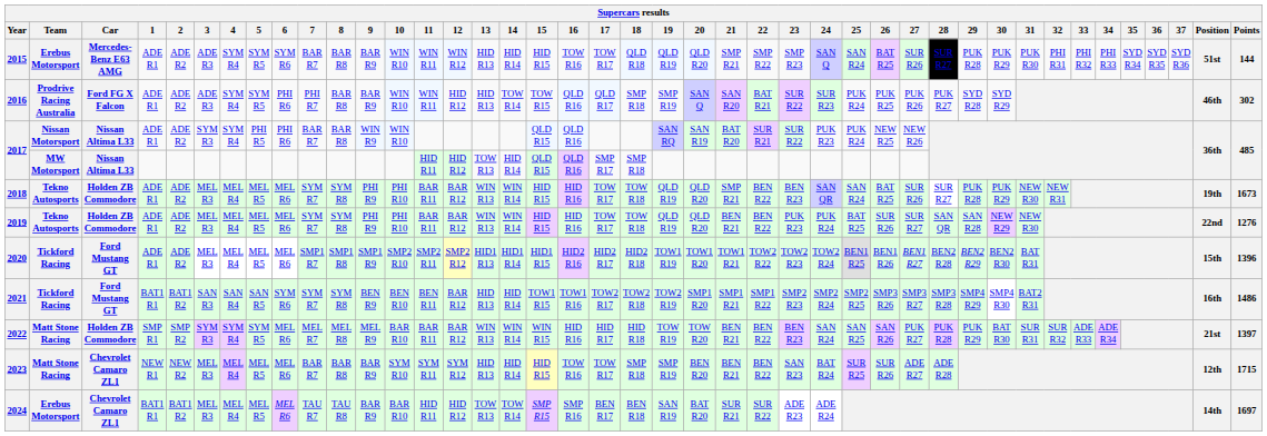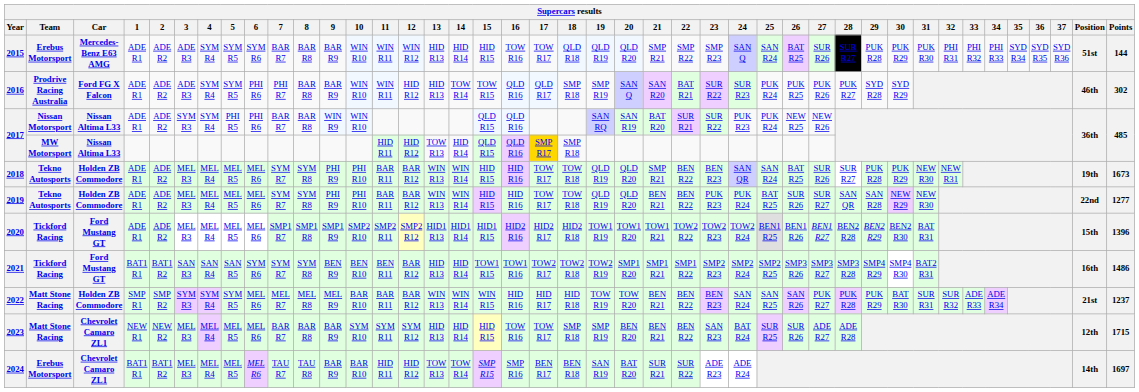 <table class="wikitable" style="text-align:center; font-size:75%">
 <tr>
 <th colspan=45><a href='#'>Supercars</a> results</th>
 </tr>
 <tr>
 <th>Year</th>
 <th>Team</th>
 <th>Car</th>
 <th>1</th>
 <th>2</th>
 <th>3</th>
 <th>4</th>
 <th>5</th>
 <th>6</th>
 <th>7</th>
 <th>8</th>
 <th>9</th>
 <th>10</th>
 <th>11</th>
 <th>12</th>
 <th>13</th>
 <th>14</th>
 <th>15</th>
 <th>16</th>
 <th>17</th>
 <th>18</th>
 <th>19</th>
 <th>20</th>
 <th>21</th>
 <th>22</th>
 <th>23</th>
 <th>24</th>
 <th>25</th>
 <th>26</th>
 <th>27</th>
 <th>28</th>
 <th>29</th>
 <th>30</th>
 <th>31</th>
 <th>32</th>
 <th>33</th>
 <th>34</th>
 <th>35</th>
 <th>36</th>
 <th>37</th>
 <th>Position</th>
 <th>Points</th>
 </tr>
 <tr>
 <th><a href='#'>2015</a></th>
 <th><a href='#'>Erebus Motorsport</a></th>
 <th><a href='#'>Mercedes-Benz E63 AMG</a></th>
 <td><a href='#'>ADE<br>R1</a></td>
 <td><a href='#'>ADE<br>R2</a></td>
 <td><a href='#'>ADE<br>R3</a></td>
 <td><a href='#'>SYM<br>R4</a></td>
 <td><a href='#'>SYM<br>R5</a></td>
 <td><a href='#'>SYM<br>R6</a></td>
 <td><a href='#'>BAR<br>R7</a></td>
 <td><a href='#'>BAR<br>R8</a></td>
 <td><a href='#'>BAR<br>R9</a></td>
 <td style="background: #f1f8ff"><a href='#'>WIN<br>R10</a><br></td>
 <td style="background: #f1f8ff"><a href='#'>WIN<br>R11</a><br></td>
 <td style="background: #f1f8ff"><a href='#'>WIN<br>R12</a><br></td>
 <td><a href='#'>HID<br>R13</a></td>
 <td><a href='#'>HID<br>R14</a></td>
 <td><a href='#'>HID<br>R15</a></td>
 <td><a href='#'>TOW<br>R16</a></td>
 <td><a href='#'>TOW<br>R17</a></td>
 <td style="background: #f1f8ff"><a href='#'>QLD<br>R18</a><br></td>
 <td style="background: #f1f8ff"><a href='#'>QLD<br>R19</a><br></td>
 <td style="background: #f1f8ff"><a href='#'>QLD<br>R20</a><br></td>
 <td><a href='#'>SMP<br>R21</a></td>
 <td><a href='#'>SMP<br>R22</a></td>
 <td><a href='#'>SMP<br>R23</a></td>
 <td style="background: #cfcfff"><a href='#'>SAN<br>Q</a><br></td>
 <td style="background: #dfffdf"><a href='#'>SAN<br>R24</a><br></td>
 <td style="background: #efcfff"><a href='#'>BAT<br>R25</a><br></td>
 <td style="background: #dfffdf"><a href='#'>SUR<br>R26</a><br></td>
 <td style="background: #000000; color:white"><a href='#'><span>SUR<br>R27</span></a><br></td>
 <td><a href='#'>PUK<br>R28</a></td>
 <td><a href='#'>PUK<br>R29</a></td>
 <td><a href='#'>PUK<br>R30</a></td>
 <td><a href='#'>PHI<br>R31</a></td>
 <td><a href='#'>PHI<br>R32</a></td>
 <td><a href='#'>PHI<br>R33</a></td>
 <td><a href='#'>SYD<br>R34</a></td>
 <td><a href='#'>SYD<br>R35</a></td>
 <td><a href='#'>SYD<br>R36</a></td>
 <th>51st</th>
 <th>144</th>
 </tr>
 <tr>
 <th><a href='#'>2016</a></th>
 <th><a href='#'>Prodrive Racing Australia</a></th>
 <th><a href='#'>Ford FG X Falcon</a></th>
 <td><a href='#'>ADE<br>R1</a></td>
 <td><a href='#'>ADE<br>R2</a></td>
 <td><a href='#'>ADE<br>R3</a></td>
 <td><a href='#'>SYM<br>R4</a></td>
 <td><a href='#'>SYM<br>R5</a></td>
 <td><a href='#'>PHI<br>R6</a></td>
 <td><a href='#'>PHI<br>R7</a></td>
 <td><a href='#'>BAR<br>R8</a></td>
 <td><a href='#'>BAR<br>R9</a></td>
 <td style="background: #f1f8ff"><a href='#'>WIN<br>R10</a><br></td>
 <td style="background: #f1f8ff"><a href='#'>WIN<br>R11</a><br></td>
 <td><a href='#'>HID<br>R12</a></td>
 <td><a href='#'>HID<br>R13</a></td>
 <td><a href='#'>TOW<br>R14</a></td>
 <td><a href='#'>TOW<br>R15</a></td>
 <td style="background: #f1f8ff"><a href='#'>QLD<br>R16</a><br></td>
 <td style="background: #f1f8ff"><a href='#'>QLD<br>R17</a><br></td>
 <td><a href='#'>SMP<br>R18</a></td>
 <td><a href='#'>SMP<br>R19</a></td>
 <td style="background: #cfcfff"><a href='#'>SAN<br>Q</a><br></td>
 <td style="background: #efcfff"><a href='#'>SAN<br>R20</a><br></td>
 <td style="background: #dfffdf"><a href='#'>BAT<br>R21</a><br></td>
 <td style="background: #efcfff"><a href='#'>SUR<br>R22</a><br></td>
 <td style="background: #dfffdf"><a href='#'>SUR<br>R23</a><br></td>
 <td><a href='#'>PUK<br>R24</a></td>
 <td><a href='#'>PUK<br>R25</a></td>
 <td><a href='#'>PUK<br>R26</a></td>
 <td><a href='#'>PUK<br>R27</a></td>
 <td><a href='#'>SYD<br>R28</a></td>
 <td><a href='#'>SYD<br>R29</a></td>
 <th colspan=7></th>
 <th>46th</th>
 <th>302</th>
 </tr>
 <tr>
 <th rowspan=2><a href='#'>2017</a></th>
 <th><a href='#'>Nissan Motorsport</a></th>
 <th><a href='#'>Nissan Altima L33</a></th>
 <td><a href='#'>ADE<br>R1</a></td>
 <td><a href='#'>ADE<br>R2</a></td>
 <td><a href='#'>SYM<br>R3</a></td>
 <td><a href='#'>SYM<br>R4</a></td>
 <td><a href='#'>PHI<br>R5</a></td>
 <td><a href='#'>PHI<br>R6</a></td>
 <td><a href='#'>BAR<br>R7</a></td>
 <td><a href='#'>BAR<br>R8</a></td>
 <td style="background: #f1f8ff"><a href='#'>WIN<br>R9</a><br></td>
 <td style="background: #f1f8ff"><a href='#'>WIN<br>R10</a><br></td>
 <td></td>
 <td></td>
 <td></td>
 <td></td>
 <td style="background: #f1f8ff"><a href='#'>QLD<br>R15</a><br></td>
 <td style="background: #f1f8ff"><a href='#'>QLD<br>R16</a><br></td>
 <td></td>
 <td></td>
 <td style="background: #cfcfff"><a href='#'>SAN<br>RQ</a><br></td>
 <td style="background: #dfffdf"><a href='#'>SAN<br>R19</a><br></td>
 <td style="background: #dfffdf"><a href='#'>BAT<br>R20</a><br></td>
 <td style="background: #efcfff"><a href='#'>SUR<br>R21</a><br></td>
 <td style="background: #dfffdf"><a href='#'>SUR<br>R22</a><br></td>
 <td><a href='#'>PUK<br>R23</a></td>
 <td><a href='#'>PUK<br>R24</a></td>
 <td><a href='#'>NEW<br>R25</a></td>
 <td><a href='#'>NEW<br>R26</a></td>
 <th rowspan=2 colspan=10></th>
 <th rowspan=2>36th</th>
 <th rowspan=2>485</th>
 </tr>
 <tr>
 <th><a href='#'>MW Motorsport</a></th>
 <th><a href='#'>Nissan Altima L33</a></th>
 <td></td>
 <td></td>
 <td></td>
 <td></td>
 <td></td>
 <td></td>
 <td></td>
 <td></td>
 <td></td>
 <td></td>
 <td style="background: #dfffdf"><a href='#'>HID<br>R11</a><br></td>
 <td style="background: #dfffdf"><a href='#'>HID<br>R12</a><br></td>
 <td><a href='#'>TOW<br>R13</a></td>
 <td><a href='#'>HID<br>R14</a></td>
 <td style="background: #dfffdf"><a href='#'>QLD<br>R15</a><br></td>
 <td style="background: #efcfff"><a href='#'>QLD<br>R16</a><br></td>
-<td><a href='#'>SMP<br>R17</a></td>
+<td style="background: gold;"><a href='#'>SMP<br>R17</a></td>
 <td><a href='#'>SMP<br>R18</a></td>
 <td></td>
 <td></td>
 <td></td>
 <td></td>
 <td></td>
 <td></td>
 <td></td>
 <td></td>
 <td></td>
 </tr>
 <tr>
 <th><a href='#'>2018</a></th>
 <th><a href='#'>Tekno Autosports</a></th>
 <th><a href='#'>Holden ZB Commodore</a></th>
 <td style="background: #dfffdf"><a href='#'>ADE<br>R1</a><br></td>
 <td style="background: #dfffdf"><a href='#'>ADE<br>R2</a><br></td>
 <td style="background: #dfffdf"><a href='#'>MEL<br>R3</a><br></td>
 <td style="background: #dfffdf"><a href='#'>MEL<br>R4</a><br></td>
 <td style="background: #dfffdf"><a href='#'>MEL<br>R5</a><br></td>
 <td style="background: #dfffdf"><a href='#'>MEL<br>R6</a><br></td>
 <td style="background: #dfffdf"><a href='#'>SYM<br>R7</a><br></td>
 <td style="background: #dfffdf"><a href='#'>SYM<br>R8</a><br></td>
 <td style="background: #dfffdf"><a href='#'>PHI<br>R9</a><br></td>
 <td style="background: #dfffdf"><a href='#'>PHI<br>R10</a><br></td>
 <td style="background: #dfffdf"><a href='#'>BAR<br>R11</a><br></td>
 <td style="background: #dfffdf"><a href='#'>BAR<br>R12</a><br></td>
 <td style="background: #dfffdf"><a href='#'>WIN<br>R13</a><br></td>
 <td style="background: #dfffdf"><a href='#'>WIN<br>R14</a><br></td>
 <td style="background: #dfffdf"><a href='#'>HID<br>R15</a><br></td>
 <td style="background: #efcfff"><a href='#'>HID<br>R16</a><br></td>
 <td style="background: #dfffdf"><a href='#'>TOW<br>R17</a><br></td>
 <td style="background: #dfffdf"><a href='#'>TOW<br>R18</a><br></td>
 <td style="background: #dfffdf"><a href='#'>QLD<br>R19</a><br></td>
 <td style="background: #dfffdf"><a href='#'>QLD<br>R20</a><br></td>
 <td style="background: #dfffdf"><a href='#'>SMP<br>R21</a><br></td>
 <td style="background: #dfffdf"><a href='#'>BEN<br>R22</a><br></td>
 <td style="background: #dfffdf"><a href='#'>BEN<br>R23</a><br></td>
 <td style="background: #cfcfff"><a href='#'>SAN<br>QR</a><br></td>
 <td style="background: #dfffdf"><a href='#'>SAN<br>R24</a><br></td>
 <td style="background: #dfffdf"><a href='#'>BAT<br>R25</a><br></td>
 <td style="background: #dfffdf"><a href='#'>SUR<br>R26</a><br></td>
 <td style="background: #ffffff"><a href='#'>SUR<br>R27</a><br></td>
 <td style="background: #dfffdf"><a href='#'>PUK<br>R28</a><br></td>
 <td style="background: #dfffdf"><a href='#'>PUK<br>R29</a><br></td>
 <td style="background: #dfffdf"><a href='#'>NEW<br>R30</a><br></td>
 <td style="background: #dfffdf"><a href='#'>NEW<br>R31</a><br></td>
 <th colspan=5></th>
 <th>19th</th>
 <th>1673</th>
 </tr>
 <tr>
 <th><a href='#'>2019</a></th>
 <th><a href='#'>Tekno Autosports</a></th>
 <th><a href='#'>Holden ZB Commodore</a></th>
 <td style="background:#dfffdf;"><a href='#'>ADE<br>R1</a><br></td>
 <td style="background:#dfffdf;"><a href='#'>ADE<br>R2</a><br></td>
 <td style="background: #dfffdf"><a href='#'>MEL<br>R3</a><br></td>
 <td style="background: #dfffdf"><a href='#'>MEL<br>R4</a><br></td>
 <td style="background: #dfffdf"><a href='#'>MEL<br>R5</a><br></td>
 <td style="background: #dfffdf"><a href='#'>MEL<br>R6</a><br></td>
 <td style="background: #dfffdf"><a href='#'>SYM<br>R7</a><br></td>
 <td style="background: #dfffdf"><a href='#'>SYM<br>R8</a><br></td>
 <td style="background: #dfffdf"><a href='#'>PHI<br>R9</a><br></td>
 <td style="background: #dfffdf"><a href='#'>PHI<br>R10</a><br></td>
 <td style="background: #dfffdf"><a href='#'>BAR<br>R11</a><br></td>
 <td style="background: #dfffdf"><a href='#'>BAR<br>R12</a><br></td>
 <td style="background: #dfffdf"><a href='#'>WIN<br>R13</a><br></td>
 <td style="background: #dfffdf"><a href='#'>WIN<br>R14</a><br></td>
 <td style="background: #efcfff"><a href='#'>HID<br>R15</a><br></td>
 <td style="background: #dfffdf"><a href='#'>HID<br>R16</a><br></td>
 <td style="background: #dfffdf"><a href='#'>TOW<br>R17</a><br></td>
 <td style="background: #dfffdf"><a href='#'>TOW<br>R18</a><br></td>
 <td style="background: #dfffdf"><a href='#'>QLD<br>R19</a><br></td>
 <td style="background: #dfffdf"><a href='#'>QLD<br>R20</a><br></td>
 <td style="background: #dfffdf"><a href='#'>BEN<br>R21</a><br></td>
 <td style="background: #dfffdf"><a href='#'>BEN<br>R22</a><br></td>
 <td style="background: #dfffdf"><a href='#'>PUK<br>R23</a><br></td>
 <td style="background: #dfffdf"><a href='#'>PUK<br>R24</a><br></td>
 <td style="background: #dfffdf"><a href='#'>BAT<br>R25</a><br></td>
 <td style="background: #dfffdf"><a href='#'>SUR<br>R26</a><br></td>
 <td style="background: #dfffdf"><a href='#'>SUR<br>R27</a><br></td>
 <td style="background: #dfffdf"><a href='#'>SAN<br>QR</a><br></td>
 <td style="background: #dfffdf"><a href='#'>SAN<br>R28</a><br></td>
 <td style="background: #efcfff"><a href='#'>NEW<br>R29</a><br></td>
 <td style="background: #dfffdf"><a href='#'>NEW<br>R30</a><br></td>
 <th colspan=6></th>
 <th>22nd</th>
-<th>1276</th>
+<th>1277</th>
 </tr>
 <tr>
 <th><a href='#'>2020</a></th>
 <th><a href='#'>Tickford Racing</a></th>
 <th><a href='#'>Ford Mustang GT</a></th>
 <td style="background: #dfffdf"><a href='#'>ADE<br>R1</a><br></td>
 <td style="background: #dfffdf"><a href='#'>ADE<br>R2</a><br></td>
 <td style="background: #ffffff"><a href='#'>MEL<br>R3</a><br></td>
 <td style="background: #ffffff"><a href='#'>MEL<br>R4</a><br></td>
 <td style="background: #ffffff"><a href='#'>MEL<br>R5</a><br></td>
 <td style="background: #ffffff"><a href='#'>MEL<br>R6</a><br></td>
 <td style="background: #dfffdf"><a href='#'>SMP1<br>R7</a><br></td>
 <td style="background: #dfffdf"><a href='#'>SMP1<br>R8</a><br></td>
 <td style="background: #dfffdf"><a href='#'>SMP1<br>R9</a><br></td>
 <td style="background: #dfffdf"><a href='#'>SMP2<br>R10</a><br></td>
 <td style="background: #dfffdf"><a href='#'>SMP2<br>R11</a><br></td>
 <td style="background: #ffffbf"><a href='#'>SMP2<br>R12</a><br></td>
 <td style="background: #dfffdf"><a href='#'>HID1<br>R13</a><br></td>
 <td style="background: #dfffdf"><a href='#'>HID1<br>R14</a><br></td>
 <td style="background: #dfffdf"><a href='#'>HID1<br>R15</a><br></td>
 <td style="background: #efcfff"><a href='#'>HID2<br>R16</a><br></td>
 <td style="background: #dfffdf"><a href='#'>HID2<br>R17</a><br></td>
 <td style="background: #dfffdf"><a href='#'>HID2<br>R18</a><br></td>
 <td style="background: #dfffdf"><a href='#'>TOW1<br>R19</a><br></td>
 <td style="background: #dfffdf"><a href='#'>TOW1<br>R20</a><br></td>
 <td style="background: #dfffdf"><a href='#'>TOW1<br>R21</a><br></td>
 <td style="background: #dfffdf"><a href='#'>TOW2<br>R22</a><br></td>
 <td style="background: #dfffdf"><a href='#'>TOW2<br>R23</a><br></td>
 <td style="background: #dfffdf"><a href='#'>TOW2<br>R24</a><br></td>
 <td style="background: #dfdfdf"><a href='#'>BEN1<br>R25</a><br></td>
 <td style="background: #dfffdf"><a href='#'>BEN1<br>R26</a><br></td>
 <td style="background: #dfffdf"><em><a href='#'>BEN1<br>R27</a><br></em></td>
 <td style="background: #dfffdf"><a href='#'>BEN2<br>R28</a><br></td>
 <td style="background: #dfffdf"><em><a href='#'>BEN2<br>R29</a><br></em></td>
 <td style="background: #dfffdf"><a href='#'>BEN2<br>R30</a><br></td>
 <td style="background: #dfffdf"><a href='#'>BAT<br>R31</a><br></td>
 <th colspan=6></th>
 <th>15th</th>
 <th>1396</th>
 </tr>
 <tr>
 <th><a href='#'>2021</a></th>
 <th><a href='#'>Tickford Racing</a></th>
 <th><a href='#'>Ford Mustang GT</a></th>
 <td style="background: #dfffdf"><a href='#'>BAT1<br>R1</a><br></td>
 <td style="background: #dfffdf"><a href='#'>BAT1<br>R2</a><br></td>
 <td style="background: #dfffdf"><a href='#'>SAN<br>R3</a><br></td>
 <td style="background: #dfffdf"><a href='#'>SAN<br>R4</a><br></td>
 <td style="background: #dfffdf"><a href='#'>SAN<br>R5</a><br></td>
 <td style="background: #dfffdf"><a href='#'>SYM<br>R6</a><br></td>
 <td style="background: #dfffdf"><a href='#'>SYM<br>R7</a><br></td>
 <td style="background: #dfffdf"><a href='#'>SYM<br>R8</a><br></td>
 <td style="background: #dfffdf"><a href='#'>BEN<br>R9</a><br></td>
 <td style="background: #dfffdf"><a href='#'>BEN<br>R10</a><br></td>
 <td style="background: #dfffdf"><a href='#'>BEN<br>R11</a><br></td>
 <td style="background: #dfffdf"><a href='#'>BAR<br>R12</a><br></td>
 <td style="background: #dfffdf"><a href='#'>HID<br>R13</a><br></td>
 <td style="background: #dfffdf"><a href='#'>HID<br>R14</a><br></td>
 <td style="background: #dfffdf"><a href='#'>TOW1<br>R15</a><br></td>
 <td style="background: #dfffdf"><a href='#'>TOW1<br>R16</a><br></td>
 <td style="background: #dfffdf"><a href='#'>TOW2<br>R17</a><br></td>
 <td style="background: #dfffdf"><a href='#'>TOW2<br>R18</a><br></td>
 <td style="background: #dfffdf"><a href='#'>TOW2<br>R19</a><br></td>
 <td style="background: #dfffdf"><a href='#'>SMP1<br>R20</a><br></td>
 <td style="background: #dfffdf"><a href='#'>SMP1<br>R21</a><br></td>
 <td style="background: #dfffdf"><a href='#'>SMP1<br>R22</a><br></td>
 <td style="background: #dfffdf"><a href='#'>SMP2<br>R23</a><br></td>
 <td style="background: #dfffdf"><a href='#'>SMP2<br>R24</a><br></td>
 <td style="background: #dfffdf"><a href='#'>SMP2<br>R25</a><br></td>
 <td style="background: #dfffdf"><a href='#'>SMP3<br>R26</a><br></td>
 <td style="background: #dfffdf"><a href='#'>SMP3<br>R27</a><br></td>
 <td style="background: #dfffdf"><a href='#'>SMP3<br>R28</a><br></td>
 <td style="background: #dfffdf"><a href='#'>SMP4<br>R29</a><br></td>
 <td style="background: #ffffff"><a href='#'>SMP4<br>R30</a><br></td>
 <td style="background: #dfffdf"><a href='#'>BAT2<br>R31</a><br></td>
 <th colspan=6></th>
 <th>16th</th>
 <th>1486</th>
 </tr>
 <tr>
 <th><a href='#'>2022</a></th>
 <th><a href='#'>Matt Stone Racing</a></th>
 <th><a href='#'>Holden ZB Commodore</a></th>
 <td style="background: #dfffdf"><a href='#'>SMP<br>R1</a><br></td>
 <td style="background: #dfffdf"><a href='#'>SMP<br>R2</a><br></td>
 <td style="background: #efcfff"><a href='#'>SYM<br>R3</a><br></td>
 <td style="background: #efcfff"><a href='#'>SYM<br>R4</a><br></td>
 <td style="background: #dfffdf"><a href='#'>SYM<br>R5</a><br></td>
 <td style="background: #dfffdf"><a href='#'>MEL<br>R6</a><br></td>
 <td style="background: #dfffdf"><a href='#'>MEL<br>R7</a><br></td>
 <td style="background: #dfffdf"><a href='#'>MEL<br>R8</a><br></td>
 <td style="background: #dfffdf"><a href='#'>MEL<br>R9</a><br></td>
 <td style="background: #dfffdf"><a href='#'>BAR<br>R10</a><br></td>
 <td style="background: #dfffdf"><a href='#'>BAR<br>R11</a><br></td>
 <td style="background: #dfffdf"><a href='#'>BAR<br>R12</a><br></td>
 <td style="background: #dfffdf"><a href='#'>WIN<br>R13</a><br></td>
 <td style="background: #dfffdf"><a href='#'>WIN<br>R14</a><br></td>
 <td style="background: #dfffdf"><a href='#'>WIN<br>R15</a><br></td>
 <td style="background: #dfffdf"><a href='#'>HID<br>R16</a><br></td>
 <td style="background: #dfffdf"><a href='#'>HID<br>R17</a><br></td>
 <td style="background: #dfffdf"><a href='#'>HID<br>R18</a><br></td>
 <td style="background: #dfffdf"><a href='#'>TOW<br>R19</a><br></td>
 <td style="background: #dfffdf"><a href='#'>TOW<br>R20</a><br></td>
 <td style="background: #dfffdf"><a href='#'>BEN<br>R21</a><br></td>
 <td style="background: #dfffdf"><a href='#'>BEN<br>R22</a><br></td>
 <td style="background: #efcfff"><a href='#'>BEN<br>R23</a><br></td>
 <td style="background: #dfffdf"><a href='#'>SAN<br>R24</a><br></td>
 <td style="background: #dfffdf"><a href='#'>SAN<br>R25</a><br></td>
 <td style="background: #efcfff"><a href='#'>SAN<br>R26</a><br></td>
 <td style="background: #dfffdf"><a href='#'>PUK<br>R27</a><br></td>
 <td style="background: #efcfff"><a href='#'>PUK<br>R28</a><br></td>
 <td style="background: #dfffdf"><a href='#'>PUK<br>R29</a><br></td>
 <td style="background: #dfffdf"><a href='#'>BAT<br>R30</a><br></td>
 <td style="background: #dfffdf"><a href='#'>SUR<br>R31</a><br></td>
 <td style="background: #dfffdf"><a href='#'>SUR<br>R32</a><br></td>
 <td style="background: #dfffdf"><a href='#'>ADE<br>R33</a><br></td>
 <td style="background: #efcfff"><a href='#'>ADE<br>R34</a><br></td>
 <th colspan=3></th>
 <th>21st</th>
-<th>1397</th>
+<th>1237</th>
 </tr>
 <tr>
 <th><a href='#'>2023</a></th>
 <th><a href='#'>Matt Stone Racing</a></th>
 <th><a href='#'>Chevrolet Camaro ZL1</a></th>
 <td style="background:#dfffdf"><a href='#'>NEW<br>R1</a><br></td>
 <td style="background:#dfffdf"><a href='#'>NEW<br>R2</a><br></td>
 <td style="background:#dfffdf"><a href='#'>MEL<br>R3</a><br></td>
 <td style="background:#efcfff"><a href='#'>MEL<br>R4</a><br></td>
 <td style="background:#dfffdf"><a href='#'>MEL<br>R5</a><br></td>
 <td style="background:#dfffdf"><a href='#'>MEL<br>R6</a><br></td>
 <td style="background:#dfffdf"><a href='#'>BAR<br>R7</a><br></td>
 <td style="background:#dfffdf"><a href='#'>BAR<br>R8</a><br></td>
 <td style="background:#dfffdf"><a href='#'>BAR<br>R9</a><br></td>
 <td style="background:#dfffdf"><a href='#'>SYM<br>R10</a><br></td>
 <td style="background:#dfffdf"><a href='#'>SYM<br>R11</a><br></td>
 <td style="background:#dfffdf"><a href='#'>SYM<br>R12</a><br></td>
 <td style="background:#dfffdf"><a href='#'>HID<br>R13</a><br></td>
 <td style="background:#dfffdf"><a href='#'>HID<br>R14</a><br></td>
 <td style="background:#ffffbf"><a href='#'>HID<br>R15</a><br></td>
 <td style="background:#dfffdf"><a href='#'>TOW<br>R16</a><br></td>
 <td style="background:#dfffdf"><a href='#'>TOW<br>R17</a><br></td>
 <td style="background:#dfffdf"><a href='#'>SMP<br>R18</a><br></td>
 <td style="background:#dfffdf"><a href='#'>SMP<br>R19</a><br></td>
 <td style="background:#dfffdf"><a href='#'>BEN<br>R20</a><br></td>
 <td style="background:#dfffdf"><a href='#'>BEN<br>R21</a><br></td>
 <td style="background:#dfffdf"><a href='#'>BEN<br>R22</a><br></td>
 <td style="background:#dfffdf"><a href='#'>SAN<br>R23</a><br></td>
 <td style="background:#dfffdf"><a href='#'>BAT<br>R24</a><br></td>
 <td style="background:#efcfff"><a href='#'>SUR<br>R25</a><br></td>
 <td style="background:#dfffdf"><a href='#'>SUR<br>R26</a><br></td>
 <td style="background:#dfffdf"><a href='#'>ADE<br>R27</a><br></td>
 <td style="background:#dfffdf"><a href='#'>ADE<br>R28</a><br></td>
 <th colspan=9></th>
 <th style="background:">12th</th>
 <th style="background:">1715</th>
 </tr>
 <tr>
 <th><a href='#'>2024</a></th>
 <th><a href='#'>Erebus Motorsport</a></th>
 <th><a href='#'>Chevrolet Camaro ZL1</a></th>
 <td style=background:#dfffdf><a href='#'>BAT1<br>R1</a><br></td>
 <td style=background:#dfffdf><a href='#'>BAT1<br>R2</a><br></td>
 <td style=background:#dfffdf><a href='#'>MEL<br>R3</a><br></td>
 <td style=background:#dfffdf><a href='#'>MEL<br>R4</a><br></td>
 <td style=background:#dfffdf><a href='#'>MEL<br>R5</a><br></td>
 <td style=background:#efcfff><em><a href='#'>MEL<br>R6</a></em><br></td>
 <td style=background:#dfffdf><a href='#'>TAU<br>R7</a><br></td>
 <td style=background:#dfffdf><a href='#'>TAU<br>R8</a><br></td>
 <td style=background:#dfffdf><a href='#'>BAR<br>R9</a><br></td>
 <td style=background:#dfffdf><a href='#'>BAR<br>R10</a><br></td>
 <td style=background:#dfffdf><a href='#'>HID<br>R11</a><br></td>
 <td style=background:#dfffdf><a href='#'>HID<br>R12</a><br></td>
 <td style=background:#dfffdf><a href='#'>TOW<br>R13</a><br></td>
 <td style=background:#dfffdf><a href='#'>TOW<br>R14</a><br></td>
 <td style=background:#efcfff><em><a href='#'>SMP<br>R15</a><br></em></td>
 <td style=background:#dfffdf><a href='#'>SMP<br>R16</a><br></td>
 <td style=background:#dfffdf><a href='#'>BEN<br>R17</a><br></td>
 <td style=background:#dfffdf><a href='#'>BEN<br>R18</a><br></td>
 <td style=background:#dfffdf><a href='#'>SAN<br>R19</a><br></td>
 <td style=background:#dfffdf><a href='#'>BAT<br>R20</a><br></td>
 <td style=background:#dfffdf><a href='#'>SUR<br>R21</a><br></td>
 <td style=background:#dfffdf><a href='#'>SUR<br>R22</a><br></td>
 <td style=background:#ffffff><a href='#'>ADE<br>R23</a><br></td>
 <td style=background:#ffffff><a href='#'>ADE<br>R24</a><br></td>
 <th colspan=13></th>
 <th>14th</th>
 <th>1697</th>
 </tr>
 </table>
